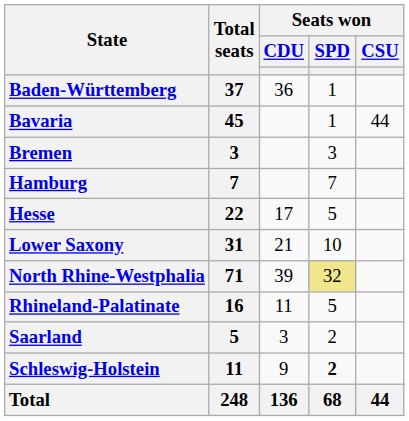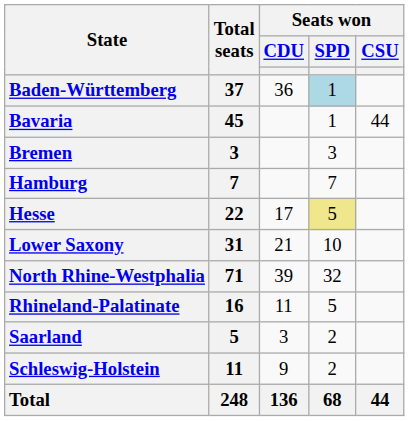 <table class="wikitable" style="text-align:center; font-size: 0.9em;">
 <tr>
 <th rowspan="3">State</th>
 <th rowspan="3">Total<br>seats</th>
 <th colspan="3">Seats won</th>
 </tr>
 <tr>
 <th class="unsortable" style="width:30px;"><a href='#'>CDU</a></th>
 <th class="unsortable" style="width:30px;"><a href='#'>SPD</a></th>
 <th class="unsortable" style="width:30px;"><a href='#'>CSU</a></th>
 </tr>
 <tr>
 <th style="background:"></th>
 <th style="background:"></th>
 <th style="background:"></th>
 </tr>
 <tr>
 <th style="text-align: left;"><a href='#'>Baden-Württemberg</a></th>
 <th>37</th>
 <td>36</td>
-<td>1</td>
+<td style="background: lightblue;">1</td>
 <td></td>
 </tr>
 <tr>
 <th style="text-align: left;"><a href='#'>Bavaria</a></th>
 <th>45</th>
 <td></td>
 <td>1</td>
 <td>44</td>
 </tr>
 <tr>
 <th style="text-align: left;"><a href='#'>Bremen</a></th>
 <th>3</th>
 <td></td>
 <td>3</td>
 <td></td>
 </tr>
 <tr>
 <th style="text-align: left;"><a href='#'>Hamburg</a></th>
 <th>7</th>
 <td></td>
 <td>7</td>
 <td></td>
 </tr>
 <tr>
 <th style="text-align: left;"><a href='#'>Hesse</a></th>
 <th>22</th>
 <td>17</td>
-<td>5</td>
+<td style="background: khaki;">5</td>
 <td></td>
 </tr>
 <tr>
 <th style="text-align: left;"><a href='#'>Lower Saxony</a></th>
 <th>31</th>
 <td>21</td>
 <td>10</td>
 <td></td>
 </tr>
 <tr>
 <th style="text-align: left;"><a href='#'>North Rhine-Westphalia</a></th>
 <th>71</th>
 <td>39</td>
-<td style="background: khaki;">32</td>
+<td>32</td>
 <td></td>
 </tr>
 <tr>
 <th style="text-align: left;"><a href='#'>Rhineland-Palatinate</a></th>
 <th>16</th>
 <td>11</td>
 <td>5</td>
 <td></td>
 </tr>
 <tr>
 <th style="text-align: left;"><a href='#'>Saarland</a></th>
 <th>5</th>
 <td>3</td>
 <td>2</td>
 <td></td>
 </tr>
 <tr>
 <th style="text-align: left;"><a href='#'>Schleswig-Holstein</a></th>
 <th>11</th>
 <td>9</td>
-<td><strong>2</strong></td>
+<td>2</td>
 <td></td>
 </tr>
 <tr class="sortbottom">
 <th style="text-align: left;">Total</th>
 <th>248</th>
 <th>136</th>
 <th>68</th>
 <th>44</th>
 </tr>
 </table>
